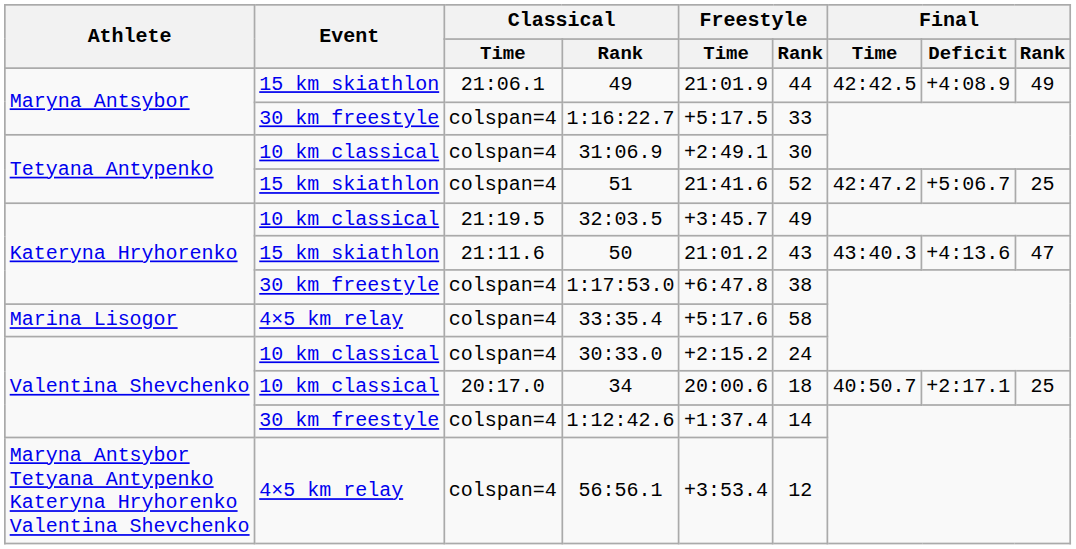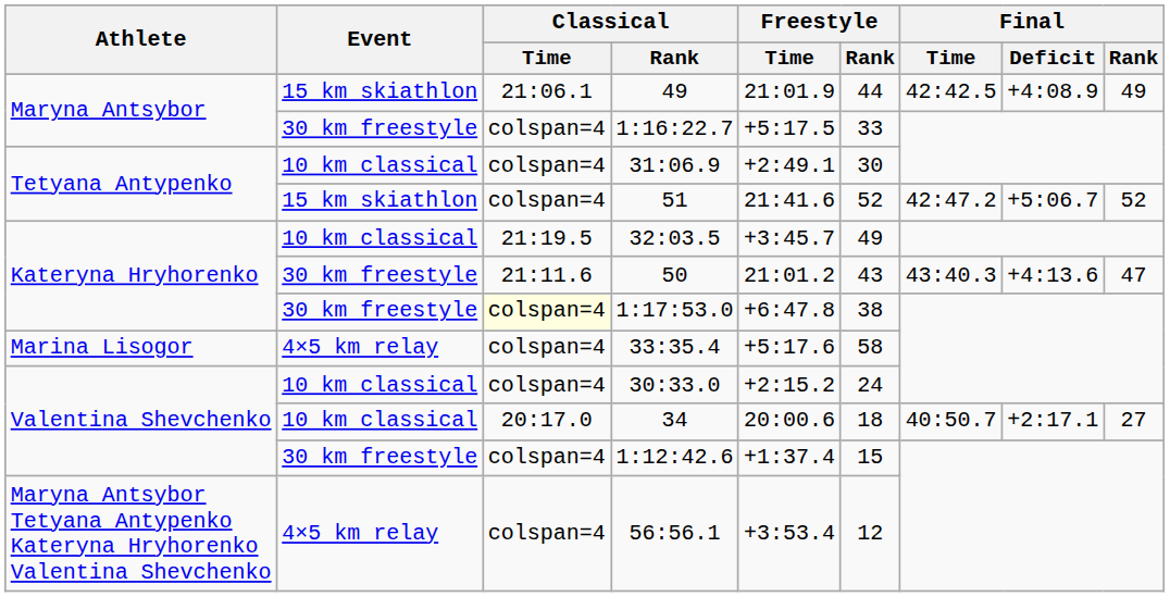 <table class="wikitable" style="font-size:90%">
 <tr>
 <th rowspan=2>Athlete</th>
 <th rowspan=2>Event</th>
 <th colspan=2>Classical</th>
 <th colspan=2>Freestyle</th>
 <th colspan=3>Final</th>
 </tr>
 <tr style="font-size: 95%">
 <th>Time</th>
 <th>Rank</th>
 <th>Time</th>
 <th>Rank</th>
 <th>Time</th>
 <th>Deficit</th>
 <th>Rank</th>
 </tr>
 <tr align=center>
 <td align=left rowspan=2><a href='#'>Maryna Antsybor</a></td>
 <td align=left><a href='#'>15 km skiathlon</a></td>
 <td>21:06.1</td>
 <td>49</td>
 <td>21:01.9</td>
 <td>44</td>
 <td>42:42.5</td>
 <td>+4:08.9</td>
 <td>49</td>
 </tr>
 <tr align=center>
 <td align=left><a href='#'>30 km freestyle</a></td>
 <td>colspan=4 </td>
 <td>1:16:22.7</td>
 <td>+5:17.5</td>
 <td>33</td>
 </tr>
 <tr align=center>
 <td align=left rowspan=2><a href='#'>Tetyana Antypenko</a></td>
 <td align=left><a href='#'>10 km classical</a></td>
 <td>colspan=4 </td>
 <td>31:06.9</td>
 <td>+2:49.1</td>
 <td>30</td>
 </tr>
 <tr align=center>
 <td align=left><a href='#'>15 km skiathlon</a></td>
 <td>colspan=4 </td>
 <td>51</td>
 <td>21:41.6</td>
 <td>52</td>
 <td>42:47.2</td>
 <td>+5:06.7</td>
-<td>25</td>
+<td>52</td>
 </tr>
 <tr align=center>
 <td align=left rowspan=3><a href='#'>Kateryna Hryhorenko</a></td>
 <td align=left><a href='#'>10 km classical</a></td>
 <td>21:19.5</td>
 <td>32:03.5</td>
 <td>+3:45.7</td>
 <td>49</td>
 </tr>
 <tr align=center>
-<td align=left><a href='#'>15 km skiathlon</a></td>
+<td align=left><a href='#'>30 km freestyle</a></td>
 <td>21:11.6</td>
 <td>50</td>
 <td>21:01.2</td>
 <td>43</td>
 <td>43:40.3</td>
 <td>+4:13.6</td>
 <td>47</td>
 </tr>
 <tr align=center>
 <td align=left><a href='#'>30 km freestyle</a></td>
-<td>colspan=4 </td>
+<td style="background: lightyellow;">colspan=4 </td>
 <td>1:17:53.0</td>
 <td>+6:47.8</td>
 <td>38</td>
 </tr>
 <tr align=center>
 <td align=left><a href='#'>Marina Lisogor</a></td>
 <td align=left><a href='#'>4×5 km relay</a></td>
 <td>colspan=4 </td>
 <td>33:35.4</td>
 <td>+5:17.6</td>
 <td>58</td>
 </tr>
 <tr align=center>
 <td align=left rowspan=3><a href='#'>Valentina Shevchenko</a></td>
 <td align=left><a href='#'>10 km classical</a></td>
 <td>colspan=4 </td>
 <td>30:33.0</td>
 <td>+2:15.2</td>
 <td>24</td>
 </tr>
 <tr align=center>
 <td align=left><a href='#'>10 km classical</a></td>
 <td>20:17.0</td>
 <td>34</td>
 <td>20:00.6</td>
 <td>18</td>
 <td>40:50.7</td>
 <td>+2:17.1</td>
-<td>25</td>
+<td>27</td>
 </tr>
 <tr align=center>
 <td align=left><a href='#'>30 km freestyle</a></td>
 <td>colspan=4 </td>
 <td>1:12:42.6</td>
 <td>+1:37.4</td>
-<td>14</td>
+<td>15</td>
 </tr>
 <tr align=center>
 <td align=left><a href='#'>Maryna Antsybor</a><br><a href='#'>Tetyana Antypenko</a><br><a href='#'>Kateryna Hryhorenko</a><br><a href='#'>Valentina Shevchenko</a></td>
 <td align=left><a href='#'>4×5 km relay</a></td>
 <td>colspan=4 </td>
 <td>56:56.1</td>
 <td>+3:53.4</td>
 <td>12</td>
 </tr>
 </table>
